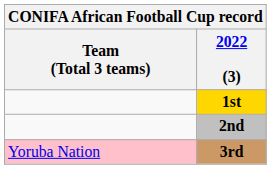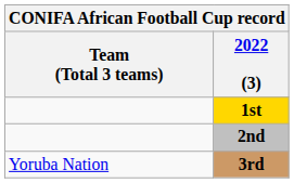 <table class="wikitable" style="text-align: center">
 <tr>
 <th colspan=2>CONIFA African Football Cup record</th>
 </tr>
 <tr>
 <th>Team<br>(Total 3 teams)</th>
 <th><a href='#'>2022</a> <br> <br>(3)</th>
 </tr>
 <tr>
 <td style="text-align:left"></td>
 <td style="background:gold;"><strong>1st</strong></td>
 </tr>
 <tr>
 <td style="text-align:left"></td>
 <td style="background:Silver;"><strong>2nd</strong></td>
 </tr>
 <tr>
-<td style="background: pink; text-align:left"><a href='#'>Yoruba Nation</a></td>
+<td style="text-align:left"><a href='#'>Yoruba Nation</a></td>
 <td style="background:#c96;"><strong>3rd</strong></td>
 </tr>
 </table>
